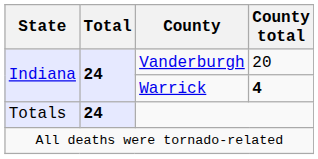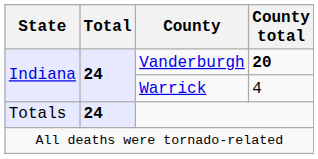 <table class="wikitable" style="margin:0 0 0.5em 1em;float:right;clear:right;">
 <tr>
 <th><strong>State</strong></th>
 <th><strong>Total</strong></th>
 <th><strong>County</strong></th>
 <th><strong>County<br>total</strong></th>
 </tr>
 <tr>
 <td rowspan=2 bgcolor="#e6e9ff"><a href='#'>Indiana</a></td>
 <td rowspan=2 bgcolor="#e6e9ff"><strong>24</strong></td>
 <td><a href='#'>Vanderburgh</a></td>
-<td>20</td>
+<td><strong>20</strong></td>
 </tr>
 <tr>
 <td><a href='#'>Warrick</a></td>
-<td><strong>4</strong></td>
+<td>4</td>
 </tr>
 <tr>
 <td bgcolor="#e6e9ff">Totals</td>
 <td bgcolor="#e6e9ff"><strong>24</strong></td>
 <td colspan=2></td>
 </tr>
 <tr>
 <td colspan=4 align=center><small>All deaths were tornado-related</small></td>
 </tr>
 </table>
